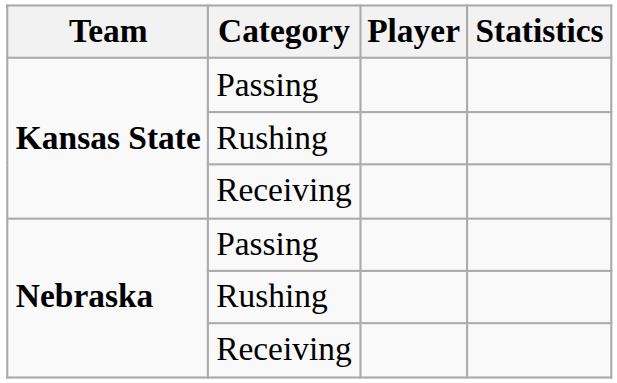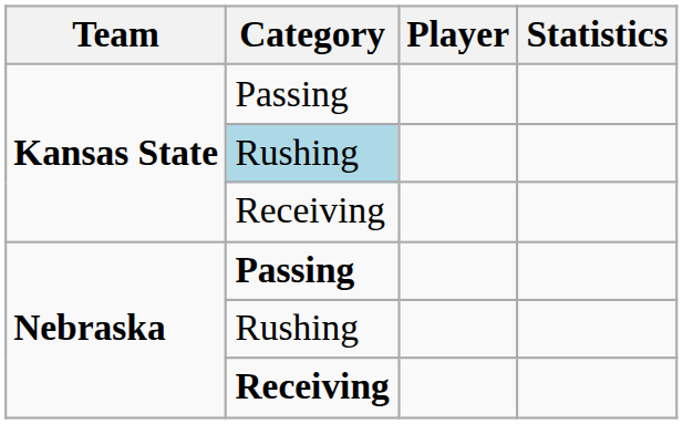 <table class="wikitable" style="float: right;">
 <tr>
 <th>Team</th>
 <th>Category</th>
 <th>Player</th>
 <th>Statistics</th>
 </tr>
 <tr>
 <td rowspan=3><strong>Kansas State</strong></td>
 <td>Passing</td>
 <td></td>
 <td></td>
 </tr>
 <tr>
-<td>Rushing</td>
+<td style="background: lightblue;">Rushing</td>
 <td></td>
 <td></td>
 </tr>
 <tr>
 <td>Receiving</td>
 <td></td>
 <td></td>
 </tr>
 <tr>
 <td rowspan=3><strong>Nebraska</strong></td>
-<td>Passing</td>
+<td><strong>Passing</strong></td>
 <td></td>
 <td></td>
 </tr>
 <tr>
 <td>Rushing</td>
 <td></td>
 <td></td>
 </tr>
 <tr>
-<td>Receiving</td>
+<td><strong>Receiving</strong></td>
 <td></td>
 <td></td>
 </tr>
 </table>
